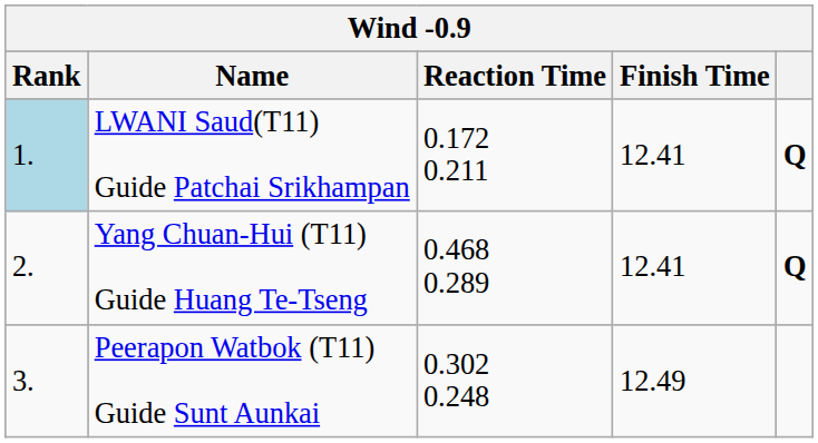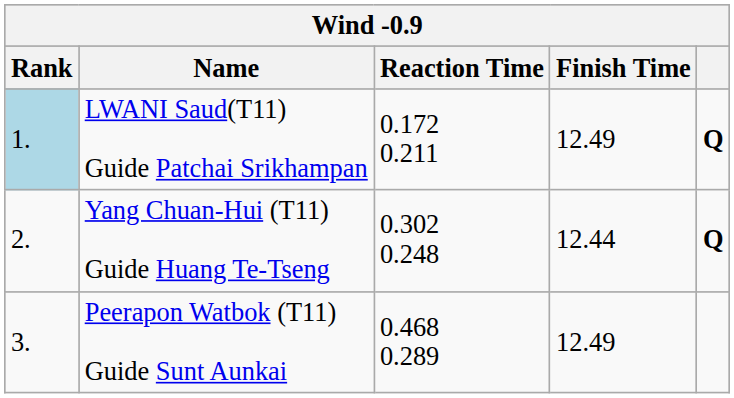 <table class="wikitable">
 <tr>
 <th colspan="5">Wind -0.9</th>
 </tr>
 <tr>
 <th>Rank</th>
 <th>Name</th>
 <th>Reaction Time</th>
 <th>Finish Time</th>
 <th></th>
 </tr>
 <tr>
 <td style="background: lightblue;">1.</td>
 <td><a href='#'>LWANI Saud</a>(T11)<br><br>Guide <a href='#'>Patchai Srikhampan</a><br> </td>
 <td>0.172<br>0.211</td>
-<td>12.41</td>
+<td>12.49</td>
 <td><strong>Q</strong></td>
 </tr>
 <tr>
 <td>2.</td>
 <td><a href='#'>Yang Chuan-Hui</a> (T11)<br><br> Guide <a href='#'>Huang Te-Tseng</a> <br> </td>
-<td>0.468<br>0.289</td>
-<td>12.41</td>
+<td>0.302<br>0.248</td>
+<td>12.44</td>
 <td><strong>Q</strong></td>
 </tr>
 <tr>
 <td>3.</td>
 <td><a href='#'>Peerapon Watbok</a> (T11)<br><br>Guide <a href='#'>Sunt Aunkai</a> <br></td>
-<td>0.302<br>0.248</td>
+<td>0.468<br>0.289</td>
 <td>12.49</td>
 <td></td>
 </tr>
 </table>
